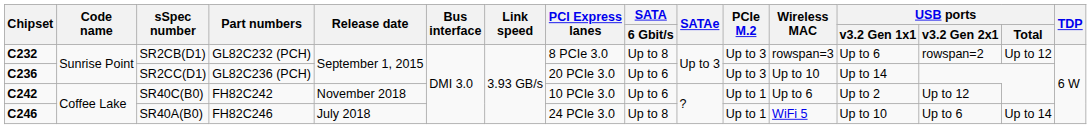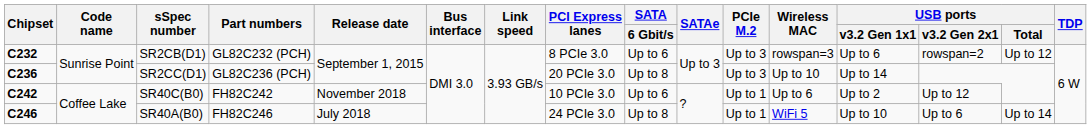 <table class="wikitable" style="font-size: 90%;">
 <tr>
 <th rowspan="2">Chipset</th>
 <th rowspan="2">Code<br>name</th>
 <th rowspan="2">sSpec<br>number</th>
 <th rowspan="2">Part numbers</th>
 <th rowspan="2">Release date</th>
 <th rowspan="2">Bus<br>interface</th>
 <th rowspan="2">Link<br>speed</th>
 <th rowspan="2"><a href='#'>PCI Express</a><br>lanes</th>
 <th><a href='#'>SATA</a></th>
 <th rowspan="2"><a href='#'>SATAe</a></th>
 <th rowspan="2">PCIe<br><a href='#'>M.2</a></th>
 <th rowspan="2">Wireless<br>MAC</th>
 <th colspan="3"><a href='#'>USB</a> ports</th>
 <th rowspan="2"><a href='#'>TDP</a></th>
 </tr>
 <tr>
 <th>6 Gbit/s</th>
 <th>v3.2 Gen 1x1</th>
 <th>v3.2 Gen 2x1</th>
 <th>Total</th>
 </tr>
 <tr>
 <td><strong>C232</strong></td>
 <td rowspan="2">Sunrise Point</td>
 <td>SR2CB(D1)</td>
 <td>GL82C232 (PCH)</td>
 <td rowspan="2">September 1, 2015</td>
 <td rowspan="4">DMI 3.0</td>
 <td rowspan="4">3.93 GB/s</td>
 <td>8 PCIe 3.0</td>
-<td>Up to 8</td>
+<td>Up to 6</td>
 <td rowspan="2">Up to 3</td>
 <td>Up to 3</td>
 <td>rowspan=3 </td>
 <td>Up to 6</td>
 <td>rowspan=2 </td>
 <td>Up to 12</td>
 <td rowspan="4">6 W</td>
 </tr>
 <tr>
 <td><strong>C236</strong></td>
 <td>SR2CC(D1)</td>
 <td>GL82C236 (PCH)</td>
 <td>20 PCIe 3.0</td>
-<td>Up to 6</td>
+<td>Up to 8</td>
 <td>Up to 3</td>
 <td>Up to 10</td>
 <td>Up to 14</td>
 </tr>
 <tr>
 <td><strong>C242</strong></td>
 <td rowspan="2">Coffee Lake</td>
 <td>SR40C(B0)</td>
 <td>FH82C242</td>
 <td>November 2018</td>
 <td>10 PCIe 3.0</td>
 <td>Up to 6</td>
 <td rowspan="2">?</td>
 <td>Up to 1</td>
 <td>Up to 6</td>
 <td>Up to 2</td>
 <td>Up to 12</td>
 </tr>
 <tr>
 <td><strong>C246</strong></td>
 <td>SR40A(B0)</td>
 <td>FH82C246</td>
 <td>July 2018</td>
 <td>24 PCIe 3.0</td>
 <td>Up to 8</td>
 <td>Up to 1</td>
 <td><a href='#'>WiFi 5</a></td>
 <td>Up to 10</td>
 <td>Up to 6</td>
 <td>Up to 14</td>
 </tr>
 </table>
